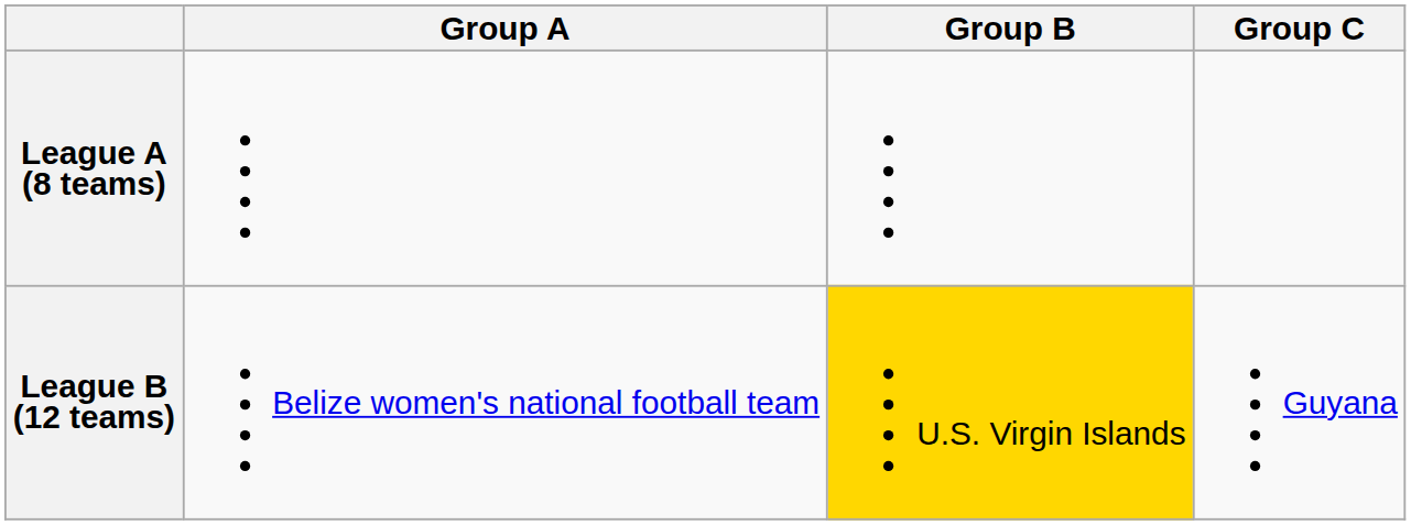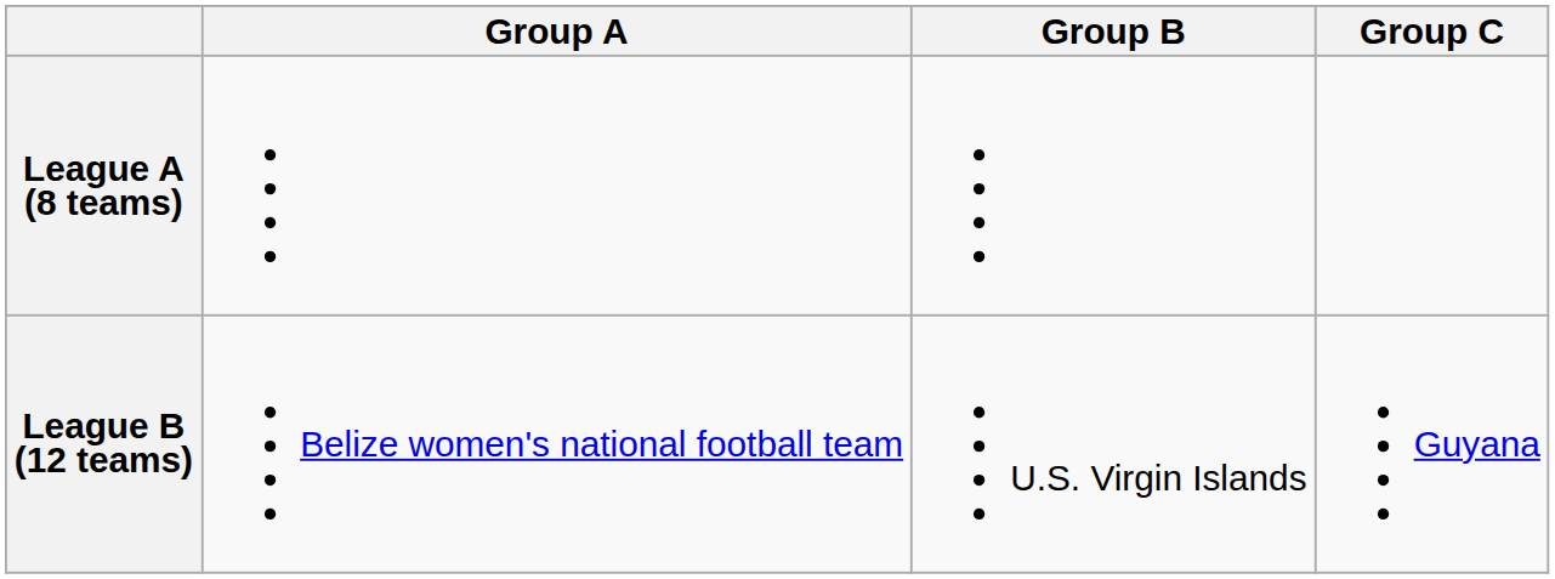 <table class="wikitable" style="line-height:15px;">
 <tr>
 <th colspan=2></th>
 <th>Group A</th>
 <th>Group B</th>
 <th>Group C</th>
 </tr>
 <tr>
 <th colspan=2>League A<br>(8 teams)</th>
 <td><br><ul><li></li><li></li><li></li><li></li></ul></td>
 <td><br><ul><li></li><li></li><li></li><li></li></ul></td>
 </tr>
 <tr>
 <th colspan=2>League B<br>(12 teams)</th>
 <td><br><ul><li></li><li> <a href='#'>Belize women's national football team</a></li><li></li><li></li></ul></td>
-<td style="background: gold;"><br><ul><li></li><li></li><li> U.S. Virgin Islands</li><li></li></ul></td>
+<td><br><ul><li></li><li></li><li> U.S. Virgin Islands</li><li></li></ul></td>
 <td><br><ul><li></li><li> <a href='#'>Guyana</a></li><li></li><li></li></ul></td>
 </tr>
 </table>
